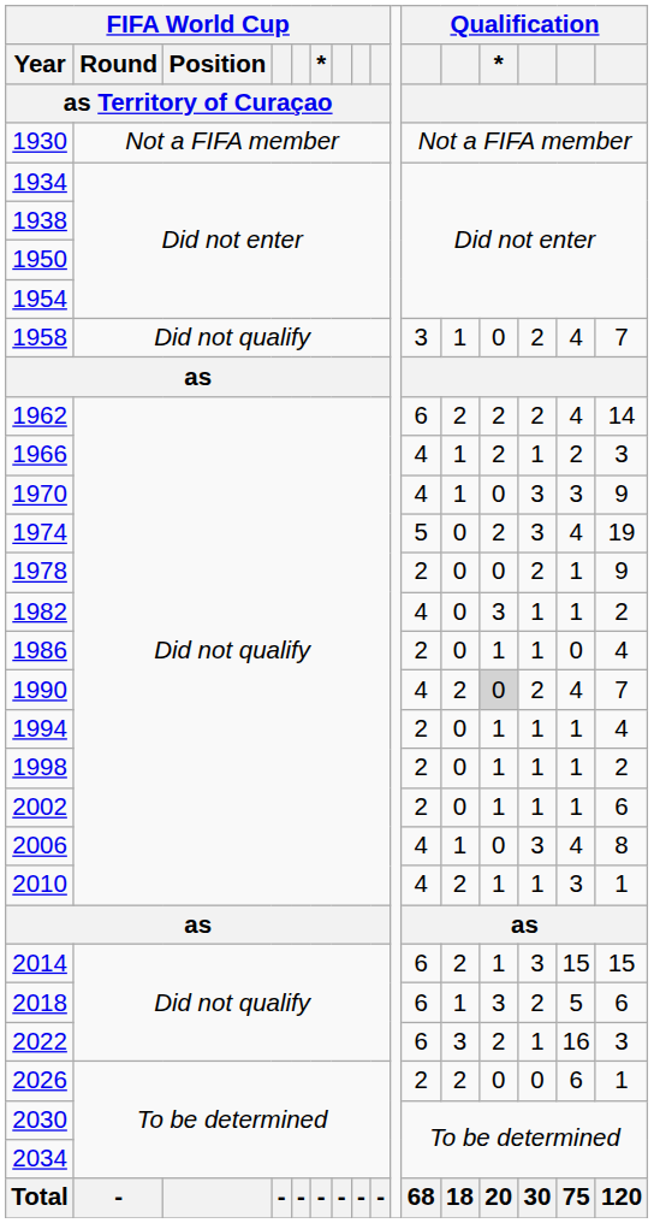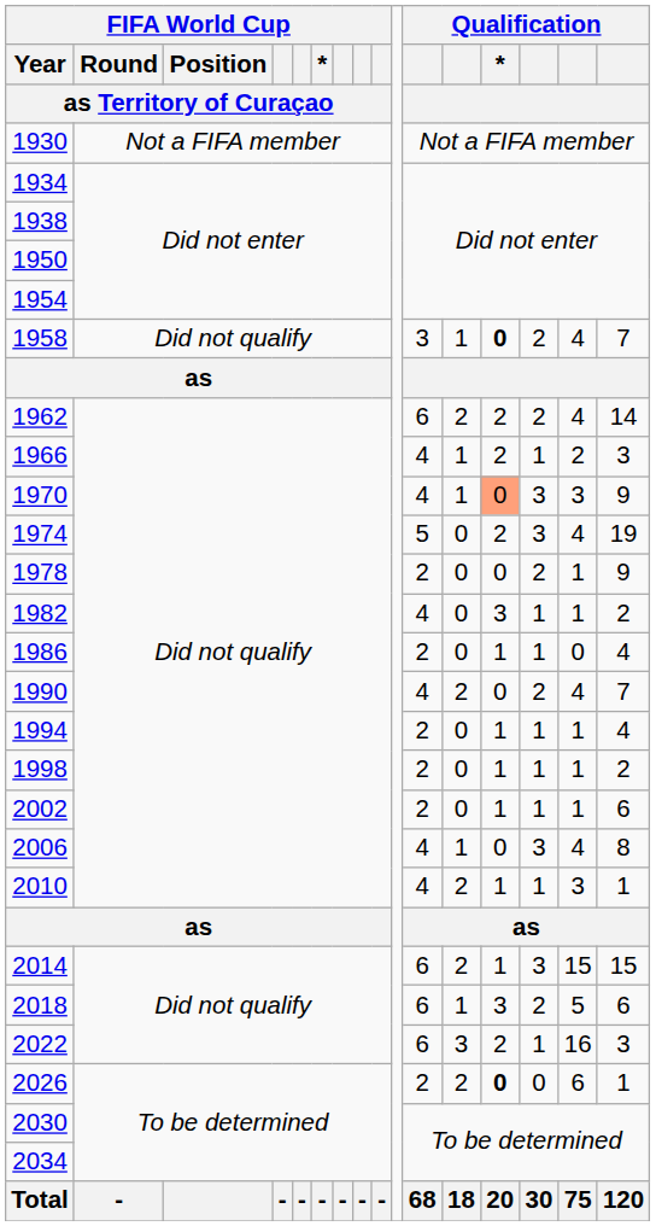 <table class="wikitable" style="text-align: center;">
 <tr>
 <th colspan=9><a href='#'>FIFA World Cup</a></th>
 <td rowspan=31></td>
 <th colspan=7><a href='#'>Qualification</a></th>
 </tr>
 <tr>
 <th>Year</th>
 <th>Round</th>
 <th>Position</th>
 <th></th>
 <th></th>
 <th>*</th>
 <th></th>
 <th></th>
 <th></th>
 <th></th>
 <th></th>
 <th>*</th>
 <th></th>
 <th></th>
 <th></th>
 </tr>
 <tr>
 <th colspan=9>as  <a href='#'>Territory of Curaçao</a></th>
 <th colspan=7></th>
 </tr>
 <tr>
 <td> <a href='#'>1930</a></td>
 <td colspan=8><em>Not a FIFA member</em></td>
 <td colspan=6><em>Not a FIFA member</em></td>
 </tr>
 <tr>
 <td> <a href='#'>1934</a></td>
 <td colspan=8 rowspan=4><em>Did not enter</em></td>
 <td colspan=6 rowspan=4><em>Did not enter</em></td>
 </tr>
 <tr>
 <td> <a href='#'>1938</a></td>
 </tr>
 <tr>
 <td> <a href='#'>1950</a></td>
 </tr>
 <tr>
 <td> <a href='#'>1954</a></td>
 </tr>
 <tr>
 <td> <a href='#'>1958</a></td>
 <td colspan=8><em>Did not qualify</em></td>
 <td>3</td>
 <td>1</td>
-<td>0</td>
+<td><strong>0</strong></td>
 <td>2</td>
 <td>4</td>
 <td>7</td>
 </tr>
 <tr>
 <th colspan=9>as </th>
 <th colspan=7></th>
 </tr>
 <tr>
 <td> <a href='#'>1962</a></td>
 <td colspan=8 rowspan=13><em>Did not qualify</em></td>
 <td>6</td>
 <td>2</td>
 <td>2</td>
 <td>2</td>
 <td>4</td>
 <td>14</td>
 </tr>
 <tr>
 <td> <a href='#'>1966</a></td>
 <td>4</td>
 <td>1</td>
 <td>2</td>
 <td>1</td>
 <td>2</td>
 <td>3</td>
 </tr>
 <tr>
 <td> <a href='#'>1970</a></td>
 <td>4</td>
 <td>1</td>
-<td>0</td>
+<td style="background: lightsalmon;">0</td>
 <td>3</td>
 <td>3</td>
 <td>9</td>
 </tr>
 <tr>
 <td> <a href='#'>1974</a></td>
 <td>5</td>
 <td>0</td>
 <td>2</td>
 <td>3</td>
 <td>4</td>
 <td>19</td>
 </tr>
 <tr>
 <td> <a href='#'>1978</a></td>
 <td>2</td>
 <td>0</td>
 <td>0</td>
 <td>2</td>
 <td>1</td>
 <td>9</td>
 </tr>
 <tr>
 <td> <a href='#'>1982</a></td>
 <td>4</td>
 <td>0</td>
 <td>3</td>
 <td>1</td>
 <td>1</td>
 <td>2</td>
 </tr>
 <tr>
 <td> <a href='#'>1986</a></td>
 <td>2</td>
 <td>0</td>
 <td>1</td>
 <td>1</td>
 <td>0</td>
 <td>4</td>
 </tr>
 <tr>
 <td> <a href='#'>1990</a></td>
 <td>4</td>
 <td>2</td>
-<td style="background: lightgrey;">0</td>
+<td>0</td>
 <td>2</td>
 <td>4</td>
 <td>7</td>
 </tr>
 <tr>
 <td> <a href='#'>1994</a></td>
 <td>2</td>
 <td>0</td>
 <td>1</td>
 <td>1</td>
 <td>1</td>
 <td>4</td>
 </tr>
 <tr>
 <td> <a href='#'>1998</a></td>
 <td>2</td>
 <td>0</td>
 <td>1</td>
 <td>1</td>
 <td>1</td>
 <td>2</td>
 </tr>
 <tr>
 <td>  <a href='#'>2002</a></td>
 <td>2</td>
 <td>0</td>
 <td>1</td>
 <td>1</td>
 <td>1</td>
 <td>6</td>
 </tr>
 <tr>
 <td> <a href='#'>2006</a></td>
 <td>4</td>
 <td>1</td>
 <td>0</td>
 <td>3</td>
 <td>4</td>
 <td>8</td>
 </tr>
 <tr>
 <td> <a href='#'>2010</a></td>
 <td>4</td>
 <td>2</td>
 <td>1</td>
 <td>1</td>
 <td>3</td>
 <td>1</td>
 </tr>
 <tr>
 <th colspan=9>as </th>
 <th colspan=7>as </th>
 </tr>
 <tr>
 <td> <a href='#'>2014</a></td>
 <td colspan=8 rowspan=3><em>Did not qualify</em></td>
 <td>6</td>
 <td>2</td>
 <td>1</td>
 <td>3</td>
 <td>15</td>
 <td>15</td>
 </tr>
 <tr>
 <td> <a href='#'>2018</a></td>
 <td>6</td>
 <td>1</td>
 <td>3</td>
 <td>2</td>
 <td>5</td>
 <td>6</td>
 </tr>
 <tr>
 <td> <a href='#'>2022</a></td>
 <td>6</td>
 <td>3</td>
 <td>2</td>
 <td>1</td>
 <td>16</td>
 <td>3</td>
 </tr>
 <tr>
 <td>   <a href='#'>2026</a></td>
 <td colspan=8 rowspan=3><em>To be determined</em></td>
 <td>2</td>
 <td>2</td>
-<td>0</td>
+<td><strong>0</strong></td>
 <td>0</td>
 <td>6</td>
 <td>1</td>
 </tr>
 <tr>
 <td>   <a href='#'>2030</a></td>
 <td colspan=6 rowspan=2><em>To be determined</em></td>
 </tr>
 <tr>
 <td> <a href='#'>2034</a></td>
 </tr>
 <tr>
 <th>Total</th>
 <th>-</th>
 <th></th>
 <th>-</th>
 <th>-</th>
 <th>-</th>
 <th>-</th>
 <th>-</th>
 <th>-</th>
 <th>68</th>
 <th>18</th>
 <th>20</th>
 <th>30</th>
 <th>75</th>
 <th>120</th>
 </tr>
 </table>
